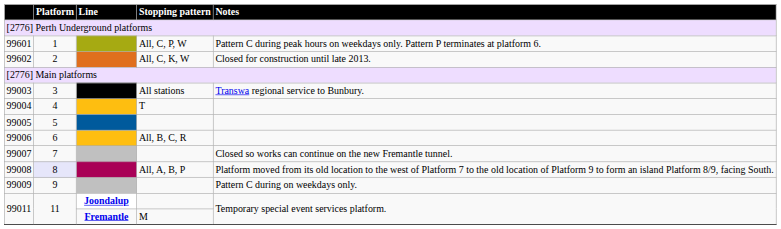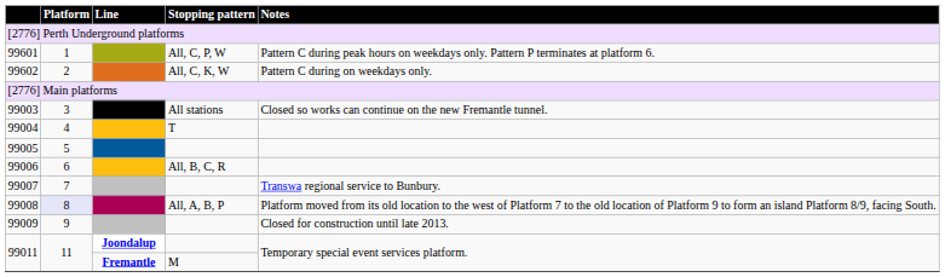 <table class="wikitable" style="float: none; margin-center: 1em; margin-bottom: 0.5em; border: black solid 1px; text-align:center;">
 <tr style="color:#FFFFFF;">
 <th style="background:#000000; text-align:left;"></th>
 <th style="background:#000000; text-align:left;">Platform</th>
 <th style="background:#000000; text-align:left; width:90px;">Line</th>
 <th style="background:#000000; text-align:left;">Stopping pattern</th>
 <th style="background:#000000; text-align:left;">Notes</th>
 </tr>
 <tr>
 <td colspan="5" style="background:#EDF; text-align:left;">[2776] Perth Underground platforms</td>
 </tr>
 <tr>
 <td>99601</td>
 <td>1</td>
 <td style="color:white; background:#A6AA12;"><strong><a href='#'></a></strong></td>
 <td style="text-align:left;">All, C, P, W</td>
 <td style="text-align:left;">Pattern C during peak hours on weekdays only. Pattern P terminates at platform 6.</td>
 </tr>
 <tr>
 <td>99602</td>
 <td>2</td>
 <td style="color:white; background:#E06F1D;"><strong><a href='#'></a></strong></td>
 <td style="text-align:left;">All, C, K, W</td>
-<td style="text-align:left;">Closed for construction until late 2013.</td>
+<td style="text-align:left;">Pattern C during on weekdays only.</td>
 </tr>
 <tr>
 <td colspan="5" style="background:#EDF; text-align:left;">[2776] Main platforms</td>
 </tr>
 <tr>
 <td>99003</td>
 <td>3</td>
 <td style="color:#E0730E; background:#000000;"><strong><a href='#'></a></strong></td>
 <td style="text-align:left;">All stations</td>
-<td style="text-align:left;"><a href='#'>Transwa</a> regional service to Bunbury.</td>
+<td style="text-align:left;">Closed so works can continue on the new Fremantle tunnel.</td>
 </tr>
 <tr>
 <td>99004</td>
 <td>4</td>
 <td style="color:black; background:#FEBE10;"><strong><a href='#'></a></strong></td>
 <td style="text-align:left;">T</td>
 <td></td>
 </tr>
 <tr>
 <td>99005</td>
 <td>5</td>
 <td style="color:white; background:#005A9C;"><strong><a href='#'></a></strong></td>
 <td style="text-align:left;"></td>
 <td></td>
 </tr>
 <tr>
 <td>99006</td>
 <td>6</td>
 <td style="color:black; background:#FEBE10;"><strong><a href='#'></a></strong></td>
 <td style="text-align:left;">All, B, C, R</td>
 <td></td>
 </tr>
 <tr>
 <td>99007</td>
 <td>7</td>
 <td style="background:silver;"></td>
 <td></td>
-<td style="text-align:left;">Closed so works can continue on the new Fremantle tunnel.</td>
+<td style="text-align:left;"><a href='#'>Transwa</a> regional service to Bunbury.</td>
 </tr>
 <tr>
 <td>99008</td>
 <td style="background: lavender;">8</td>
 <td style="color:white; background:#A90056;"><strong><a href='#'></a></strong></td>
 <td style="text-align:left;">All, A, B, P</td>
 <td style="text-align:left;">Platform moved from its old location to the west of Platform 7 to the old location of Platform 9 to form an island Platform 8/9, facing South.</td>
 </tr>
 <tr>
 <td>99009</td>
 <td>9</td>
 <td style="background:silver;"></td>
 <td></td>
-<td style="text-align:left;">Pattern C during on weekdays only.</td>
+<td style="text-align:left;">Closed for construction until late 2013.</td>
 </tr>
 <tr>
 <td rowspan="2" style="text-align:center;">99011</td>
 <td rowspan="2">11</td>
 <td style="color:#000000; background:#FFFFFF; text-align:center;"><strong><a href='#'><span>Joondalup</span></a></strong></td>
 <td></td>
 <td rowspan="2" style="text-align:left;">Temporary special event services platform.</td>
 </tr>
 <tr>
 <td style="text-align:center;"><strong><a href='#'><span>Fremantle</span></a></strong></td>
 <td style="text-align:left;">M</td>
 </tr>
 <tr>
 </tr>
 </table>
